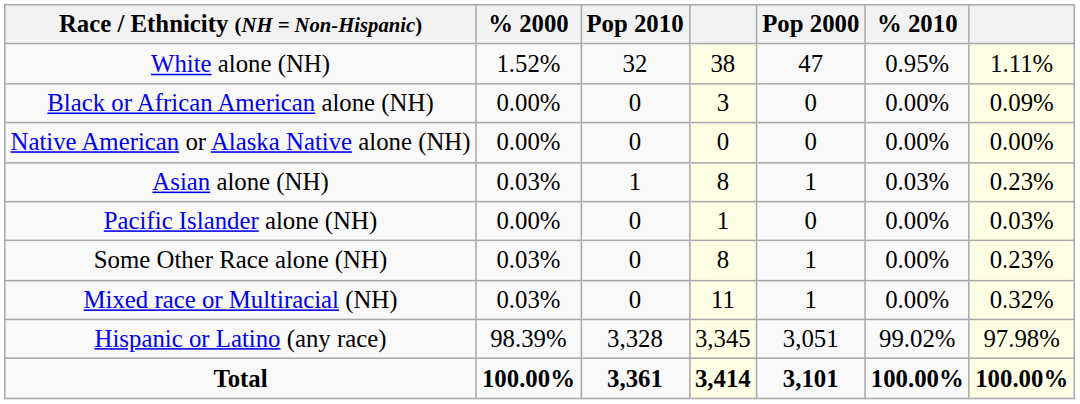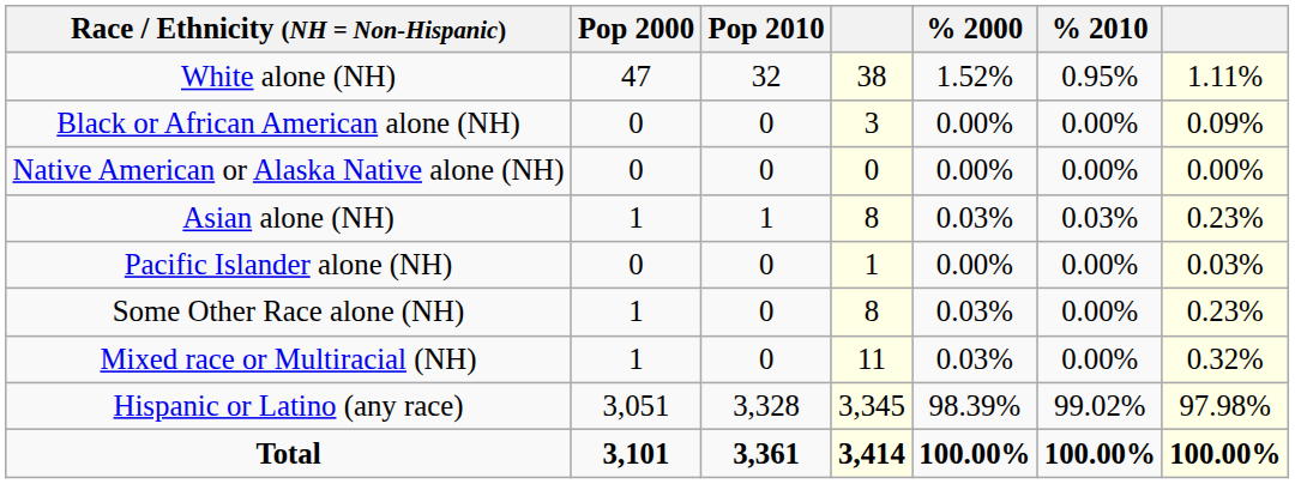 <table class="wikitable" style="text-align:center;">
 <tr>
 <th>Race / Ethnicity <small>(<em>NH = Non-Hispanic</em>)</small></th>
-<th>% 2000</th>
+<th>Pop 2000</th>
 <th>Pop 2010</th>
 <th></th>
-<th>Pop 2000</th>
+<th>% 2000</th>
 <th>% 2010</th>
 <th></th>
 </tr>
 <tr>
 <td><a href='#'>White</a> alone (NH)</td>
-<td>1.52%</td>
+<td>47</td>
 <td>32</td>
 <td style='background: #ffffe6;'>38</td>
-<td>47</td>
+<td>1.52%</td>
 <td>0.95%</td>
 <td style='background: #ffffe6;'>1.11%</td>
 </tr>
 <tr>
 <td><a href='#'>Black or African American</a> alone (NH)</td>
-<td>0.00%</td>
+<td>0</td>
 <td>0</td>
 <td style='background: #ffffe6;'>3</td>
-<td>0</td>
+<td>0.00%</td>
 <td>0.00%</td>
 <td style='background: #ffffe6;'>0.09%</td>
 </tr>
 <tr>
 <td><a href='#'>Native American</a> or <a href='#'>Alaska Native</a> alone (NH)</td>
-<td>0.00%</td>
+<td>0</td>
 <td>0</td>
 <td style='background: #ffffe6;'>0</td>
-<td>0</td>
+<td>0.00%</td>
 <td>0.00%</td>
 <td style='background: #ffffe6;'>0.00%</td>
 </tr>
 <tr>
 <td><a href='#'>Asian</a> alone (NH)</td>
-<td>0.03%</td>
+<td>1</td>
 <td>1</td>
 <td style='background: #ffffe6;'>8</td>
-<td>1</td>
+<td>0.03%</td>
 <td>0.03%</td>
 <td style='background: #ffffe6;'>0.23%</td>
 </tr>
 <tr>
 <td><a href='#'>Pacific Islander</a> alone (NH)</td>
-<td>0.00%</td>
+<td>0</td>
 <td>0</td>
 <td style='background: #ffffe6;'>1</td>
-<td>0</td>
+<td>0.00%</td>
 <td>0.00%</td>
 <td style='background: #ffffe6;'>0.03%</td>
 </tr>
 <tr>
 <td>Some Other Race alone (NH)</td>
-<td>0.03%</td>
+<td>1</td>
 <td>0</td>
 <td style='background: #ffffe6;'>8</td>
-<td>1</td>
+<td>0.03%</td>
 <td>0.00%</td>
 <td style='background: #ffffe6;'>0.23%</td>
 </tr>
 <tr>
 <td><a href='#'>Mixed race or Multiracial</a> (NH)</td>
-<td>0.03%</td>
+<td>1</td>
 <td>0</td>
 <td style='background: #ffffe6;'>11</td>
-<td>1</td>
+<td>0.03%</td>
 <td>0.00%</td>
 <td style='background: #ffffe6;'>0.32%</td>
 </tr>
 <tr>
 <td><a href='#'>Hispanic or Latino</a> (any race)</td>
-<td>98.39%</td>
+<td>3,051</td>
 <td>3,328</td>
 <td style='background: #ffffe6;'>3,345</td>
-<td>3,051</td>
+<td>98.39%</td>
 <td>99.02%</td>
 <td style='background: #ffffe6;'>97.98%</td>
 </tr>
 <tr>
 <td><strong>Total</strong></td>
-<td><strong>100.00%</strong></td>
+<td><strong>3,101</strong></td>
 <td><strong>3,361</strong></td>
 <td style='background: #ffffe6;'><strong>3,414</strong></td>
-<td><strong>3,101</strong></td>
+<td><strong>100.00%</strong></td>
 <td><strong>100.00%</strong></td>
 <td style='background: #ffffe6;'><strong>100.00%</strong></td>
 </tr>
 </table>
